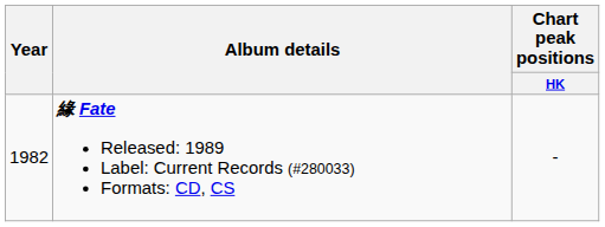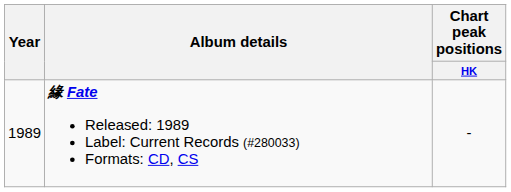 <table class="wikitable" border="1">
 <tr>
 <th rowspan="2">Year</th>
 <th rowspan="2" width="410">Album details</th>
 <th width="60" colspan="1">Chart peak positions</th>
 </tr>
 <tr>
 <th style="width:3em;font-size:75%;"><a href='#'>HK</a><br></th>
 </tr>
 <tr>
-<td>1982</td>
+<td>1989</td>
 <td><strong><em>緣 <a href='#'>Fate</a></em></strong><br><ul><li>Released: 1989</li><li>Label: Current Records <small>(#280033)</small></li><li>Formats: <a href='#'>CD</a>, <a href='#'>CS</a></li></ul></td>
 <td align="center">-</td>
 </tr>
 </table>
